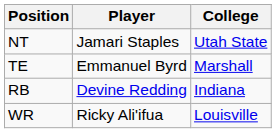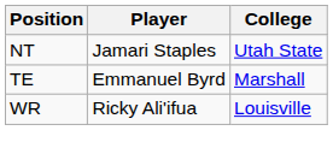 <table class="wikitable sortable">
 <tr>
 <th>Position</th>
 <th>Player</th>
 <th>College</th>
 </tr>
 <tr>
 <td>NT</td>
 <td>Jamari Staples</td>
 <td><a href='#'>Utah State</a></td>
 </tr>
 <tr>
 <td>TE</td>
 <td>Emmanuel Byrd</td>
 <td><a href='#'>Marshall</a></td>
 </tr>
 <tr>
-<td>RB</td>
-<td><a href='#'>Devine Redding</a></td>
-<td><a href='#'>Indiana</a></td>
-</tr>
-<tr>
 <td>WR</td>
 <td>Ricky Ali'ifua</td>
 <td><a href='#'>Louisville</a></td>
 </tr>
 </table>
